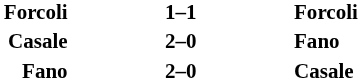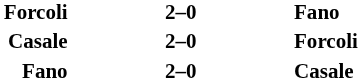 <table width="100%" cellspacing="1">
 <tr>
 <th width="20%"></th>
 <th width="12%"></th>
 <th width="20%"></th>
 <th></th>
 </tr>
 <tr style="font-size:90%;">
 <td align="right"><strong>Forcoli</strong></td>
-<td align="center"><strong>1–1</strong></td>
-<td align="left"><strong>Forcoli</strong></td>
+<td align="center"><strong>2–0</strong></td>
+<td align="left"><strong>Fano</strong></td>
 </tr>
 <tr style="font-size:90%;">
 <td align="right"><strong>Casale</strong></td>
 <td align="center"><strong>2–0</strong></td>
-<td align="left"><strong>Fano</strong></td>
+<td align="left"><strong>Forcoli</strong></td>
 </tr>
 <tr style="font-size:90%;">
 <td align="right"><strong>Fano</strong></td>
 <td align="center"><strong>2–0</strong></td>
 <td align="left"><strong>Casale</strong></td>
 </tr>
 </table>
